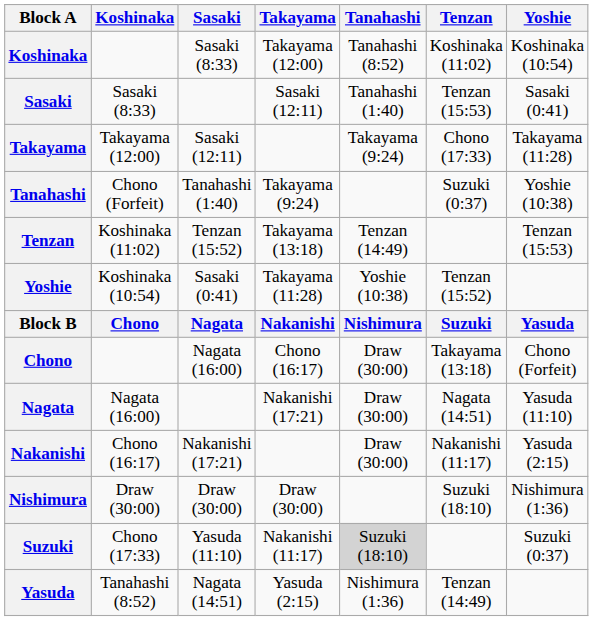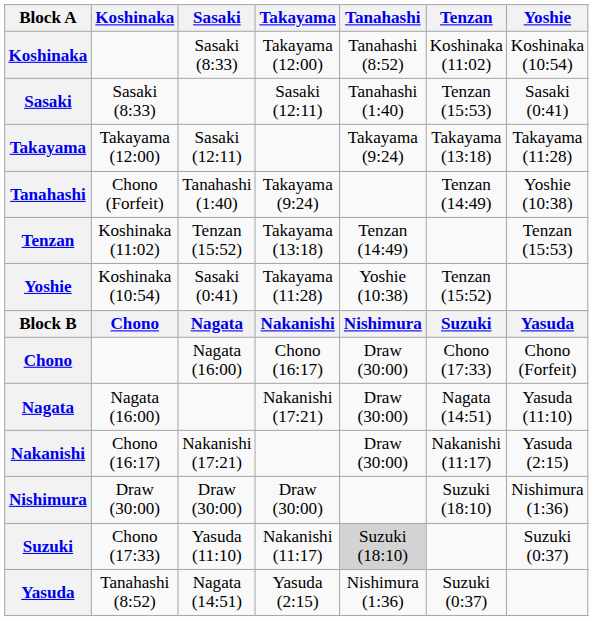 <table class="wikitable" style="margin: 1em auto 1em auto">
 <tr align="center">
 <th>Block A</th>
 <th><a href='#'>Koshinaka</a></th>
 <th><a href='#'>Sasaki</a></th>
 <th><a href='#'>Takayama</a></th>
 <th><a href='#'>Tanahashi</a></th>
 <th><a href='#'>Tenzan</a></th>
 <th><a href='#'>Yoshie</a></th>
 </tr>
 <tr align="center">
 <th><a href='#'>Koshinaka</a></th>
 <td></td>
 <td>Sasaki<br>(8:33)</td>
 <td>Takayama<br>(12:00)</td>
 <td>Tanahashi<br>(8:52)</td>
 <td>Koshinaka<br>(11:02)</td>
 <td>Koshinaka<br>(10:54)</td>
 </tr>
 <tr align="center">
 <th><a href='#'>Sasaki</a></th>
 <td>Sasaki<br>(8:33)</td>
 <td></td>
 <td>Sasaki<br>(12:11)</td>
 <td>Tanahashi<br>(1:40)</td>
 <td>Tenzan<br>(15:53)</td>
 <td>Sasaki<br>(0:41)</td>
 </tr>
 <tr align="center">
 <th><a href='#'>Takayama</a></th>
 <td>Takayama<br>(12:00)</td>
 <td>Sasaki<br>(12:11)</td>
 <td></td>
 <td>Takayama<br>(9:24)</td>
-<td>Chono<br>(17:33)</td>
+<td>Takayama<br>(13:18)</td>
 <td>Takayama<br>(11:28)</td>
 </tr>
 <tr align="center">
 <th><a href='#'>Tanahashi</a></th>
 <td>Chono<br>(Forfeit)</td>
 <td>Tanahashi<br>(1:40)</td>
 <td>Takayama<br>(9:24)</td>
 <td></td>
-<td>Suzuki<br>(0:37)</td>
+<td>Tenzan<br>(14:49)</td>
 <td>Yoshie<br>(10:38)</td>
 </tr>
 <tr align="center">
 <th><a href='#'>Tenzan</a></th>
 <td>Koshinaka<br>(11:02)</td>
 <td>Tenzan<br>(15:52)</td>
 <td>Takayama<br>(13:18)</td>
 <td>Tenzan<br>(14:49)</td>
 <td></td>
 <td>Tenzan<br>(15:53)</td>
 </tr>
 <tr align="center">
 <th><a href='#'>Yoshie</a></th>
 <td>Koshinaka<br>(10:54)</td>
 <td>Sasaki<br>(0:41)</td>
 <td>Takayama<br>(11:28)</td>
 <td>Yoshie<br>(10:38)</td>
 <td>Tenzan<br>(15:52)</td>
 <td></td>
 </tr>
 <tr align="center">
 <th>Block B</th>
 <th><a href='#'>Chono</a></th>
 <th><a href='#'>Nagata</a></th>
 <th><a href='#'>Nakanishi</a></th>
 <th><a href='#'>Nishimura</a></th>
 <th><a href='#'>Suzuki</a></th>
 <th><a href='#'>Yasuda</a></th>
 </tr>
 <tr align="center">
 <th><a href='#'>Chono</a></th>
 <td></td>
 <td>Nagata<br>(16:00)</td>
 <td>Chono<br>(16:17)</td>
 <td>Draw<br>(30:00)</td>
-<td>Takayama<br>(13:18)</td>
+<td>Chono<br>(17:33)</td>
 <td>Chono<br>(Forfeit)</td>
 </tr>
 <tr align="center">
 <th><a href='#'>Nagata</a></th>
 <td>Nagata<br>(16:00)</td>
 <td></td>
 <td>Nakanishi<br>(17:21)</td>
 <td>Draw<br>(30:00)</td>
 <td>Nagata<br>(14:51)</td>
 <td>Yasuda<br>(11:10)</td>
 </tr>
 <tr align="center">
 <th><a href='#'>Nakanishi</a></th>
 <td>Chono<br>(16:17)</td>
 <td>Nakanishi<br>(17:21)</td>
 <td></td>
 <td>Draw<br>(30:00)</td>
 <td>Nakanishi<br>(11:17)</td>
 <td>Yasuda<br>(2:15)</td>
 </tr>
 <tr align="center">
 <th><a href='#'>Nishimura</a></th>
 <td>Draw<br>(30:00)</td>
 <td>Draw<br>(30:00)</td>
 <td>Draw<br>(30:00)</td>
 <td></td>
 <td>Suzuki<br>(18:10)</td>
 <td>Nishimura<br>(1:36)</td>
 </tr>
 <tr align="center">
 <th><a href='#'>Suzuki</a></th>
 <td>Chono<br>(17:33)</td>
 <td>Yasuda<br>(11:10)</td>
 <td>Nakanishi<br>(11:17)</td>
 <td style="background: lightgrey;">Suzuki<br>(18:10)</td>
 <td></td>
 <td>Suzuki<br>(0:37)</td>
 </tr>
 <tr align="center">
 <th><a href='#'>Yasuda</a></th>
 <td>Tanahashi<br>(8:52)</td>
 <td>Nagata<br>(14:51)</td>
 <td>Yasuda<br>(2:15)</td>
 <td>Nishimura<br>(1:36)</td>
-<td>Tenzan<br>(14:49)</td>
+<td>Suzuki<br>(0:37)</td>
 <td></td>
 </tr>
 </table>
